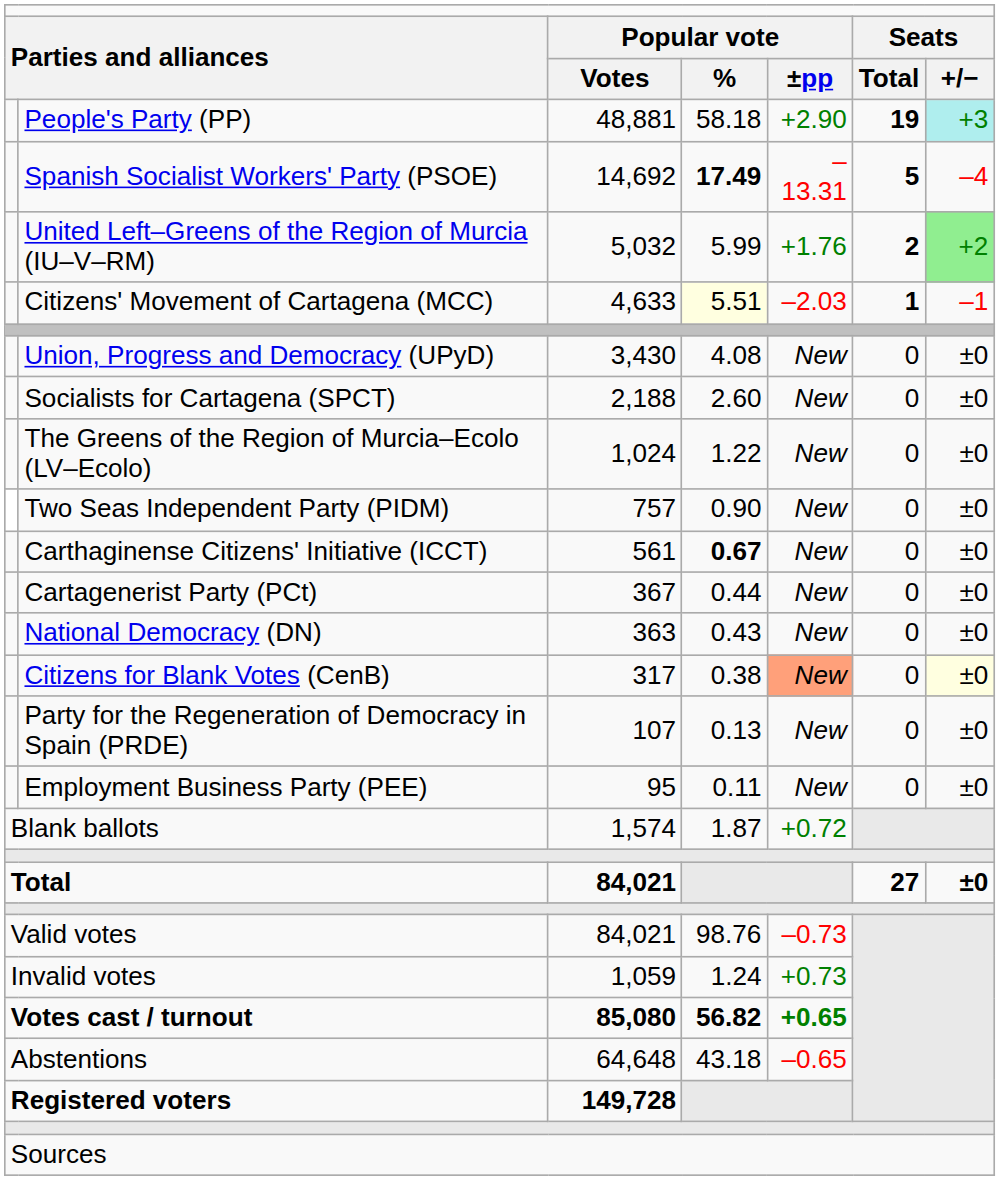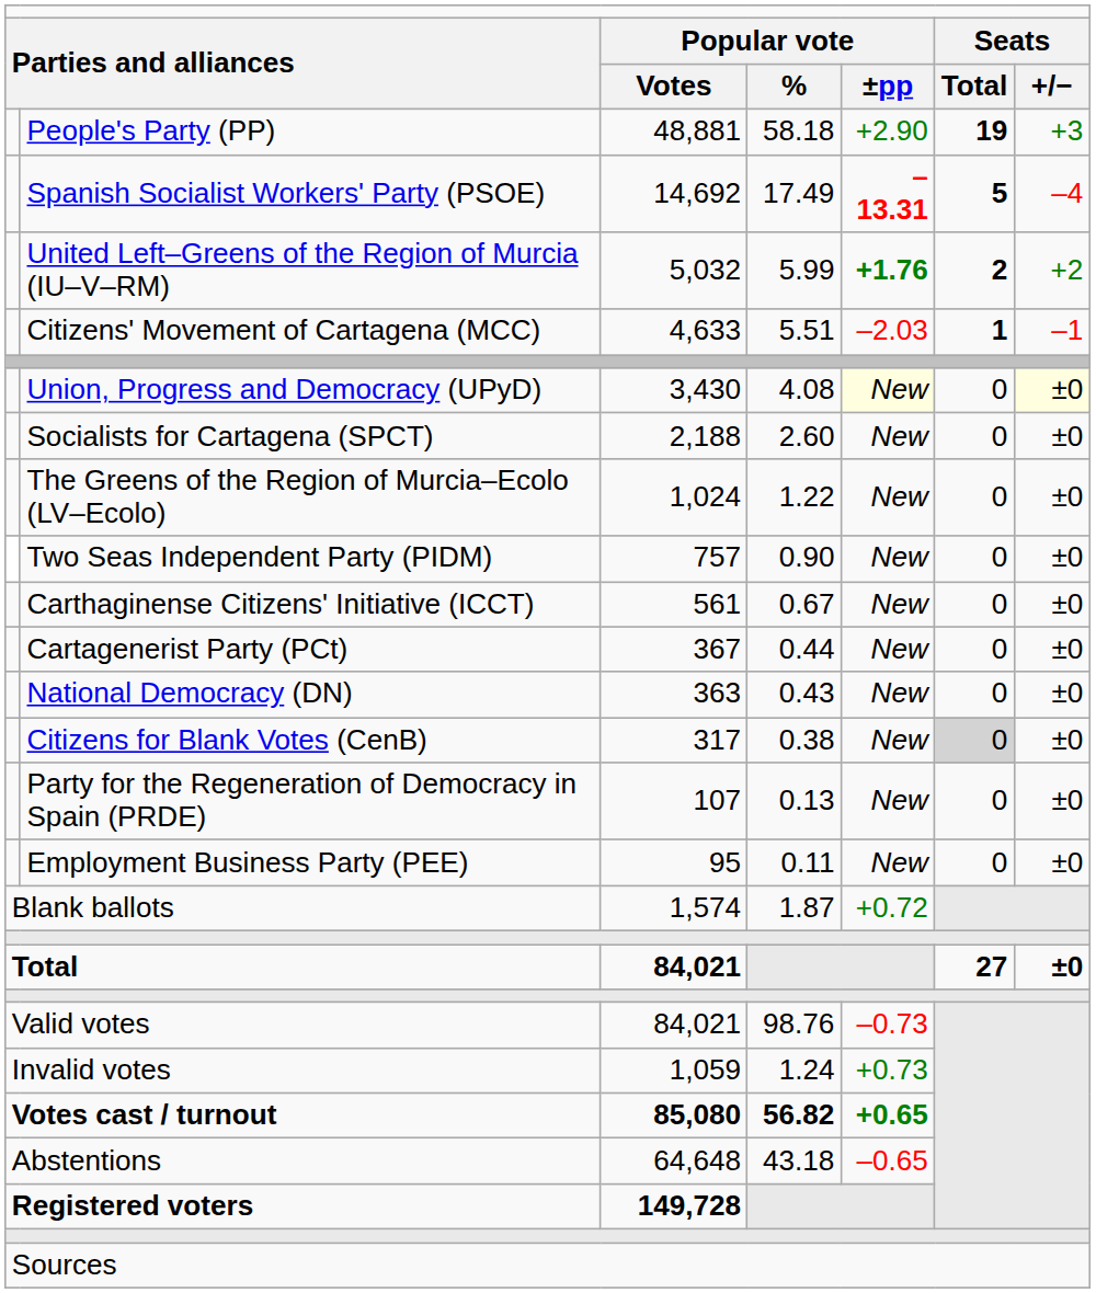 <table class="wikitable" style="text-align:right;">
 <tr>
 <td colspan="7"></td>
 </tr>
 <tr>
 <th style="text-align:left;" rowspan="2" colspan="2" width="525">Parties and alliances</th>
 <th colspan="3">Popular vote</th>
 <th colspan="2">Seats</th>
 </tr>
 <tr>
 <th width="75">Votes</th>
 <th width="45">%</th>
 <th width="45">±<a href='#'>pp</a></th>
 <th width="35">Total</th>
 <th width="35">+/−</th>
 </tr>
 <tr>
 <td width="1" style="color:inherit;background:"></td>
 <td align="left"><a href='#'>People's Party</a> (PP)</td>
 <td>48,881</td>
 <td>58.18</td>
 <td style="color:green;">+2.90</td>
 <td><strong>19</strong></td>
-<td style="background: paleturquoise; color:green;">+3</td>
+<td style="color:green;">+3</td>
 </tr>
 <tr>
 <td style="color:inherit;background:"></td>
 <td align="left"><a href='#'>Spanish Socialist Workers' Party</a> (PSOE)</td>
 <td>14,692</td>
-<td><strong>17.49</strong></td>
-<td style="color:red;">–13.31</td>
+<td>17.49</td>
+<td style="color:red;"><strong>–13.31</strong></td>
 <td><strong>5</strong></td>
 <td style="color:red;">–4</td>
 </tr>
 <tr>
 <td style="color:inherit;background:"></td>
 <td align="left"><a href='#'>United Left–Greens of the Region of Murcia</a> (IU–V–RM)</td>
 <td>5,032</td>
 <td>5.99</td>
-<td style="color:green;">+1.76</td>
+<td style="color:green;"><strong>+1.76</strong></td>
 <td><strong>2</strong></td>
-<td style="background: lightgreen; color:green;">+2</td>
+<td style="color:green;">+2</td>
 </tr>
 <tr>
 <td style="color:inherit;background:"></td>
 <td align="left">Citizens' Movement of Cartagena (MCC)</td>
 <td>4,633</td>
-<td style="background: lightyellow;">5.51</td>
+<td>5.51</td>
 <td style="color:red;">–2.03</td>
 <td><strong>1</strong></td>
 <td style="color:red;">–1</td>
 </tr>
 <tr>
 <td colspan="7" bgcolor="#C0C0C0"></td>
 </tr>
 <tr>
 <td style="color:inherit;background:"></td>
 <td align="left"><a href='#'>Union, Progress and Democracy</a> (UPyD)</td>
 <td>3,430</td>
 <td>4.08</td>
-<td><em>New</em></td>
+<td style="background: lightyellow;"><em>New</em></td>
 <td>0</td>
-<td>±0</td>
+<td style="background: lightyellow;">±0</td>
 </tr>
 <tr>
 <td style="color:inherit;background:"></td>
 <td align="left">Socialists for Cartagena (SPCT)</td>
 <td>2,188</td>
 <td>2.60</td>
 <td><em>New</em></td>
 <td>0</td>
 <td>±0</td>
 </tr>
 <tr>
 <td style="color:inherit;background:"></td>
 <td align="left">The Greens of the Region of Murcia–Ecolo (LV–Ecolo)</td>
 <td>1,024</td>
 <td>1.22</td>
 <td><em>New</em></td>
 <td>0</td>
 <td>±0</td>
 </tr>
 <tr>
 <td bgcolor="white"></td>
 <td align="left">Two Seas Independent Party (PIDM)</td>
 <td>757</td>
 <td>0.90</td>
 <td><em>New</em></td>
 <td>0</td>
 <td>±0</td>
 </tr>
 <tr>
 <td style="color:inherit;background:"></td>
 <td align="left">Carthaginense Citizens' Initiative (ICCT)</td>
 <td>561</td>
-<td><strong>0.67</strong></td>
+<td>0.67</td>
 <td><em>New</em></td>
 <td>0</td>
 <td>±0</td>
 </tr>
 <tr>
 <td style="color:inherit;background:"></td>
 <td align="left">Cartagenerist Party (PCt)</td>
 <td>367</td>
 <td>0.44</td>
 <td><em>New</em></td>
 <td>0</td>
 <td>±0</td>
 </tr>
 <tr>
 <td style="color:inherit;background:"></td>
 <td align="left"><a href='#'>National Democracy</a> (DN)</td>
 <td>363</td>
 <td>0.43</td>
 <td><em>New</em></td>
 <td>0</td>
 <td>±0</td>
 </tr>
 <tr>
 <td style="color:inherit;background:"></td>
 <td align="left"><a href='#'>Citizens for Blank Votes</a> (CenB)</td>
 <td>317</td>
 <td>0.38</td>
-<td style="background: lightsalmon;"><em>New</em></td>
-<td>0</td>
-<td style="background: lightyellow;">±0</td>
+<td><em>New</em></td>
+<td style="background: lightgrey;">0</td>
+<td>±0</td>
 </tr>
 <tr>
 <td style="color:inherit;background:"></td>
 <td align="left">Party for the Regeneration of Democracy in Spain (PRDE)</td>
 <td>107</td>
 <td>0.13</td>
 <td><em>New</em></td>
 <td>0</td>
 <td>±0</td>
 </tr>
 <tr>
 <td style="color:inherit;background:"></td>
 <td align="left">Employment Business Party (PEE)</td>
 <td>95</td>
 <td>0.11</td>
 <td><em>New</em></td>
 <td>0</td>
 <td>±0</td>
 </tr>
 <tr>
 <td align="left" colspan="2">Blank ballots</td>
 <td>1,574</td>
 <td>1.87</td>
 <td style="color:green;">+0.72</td>
 <td bgcolor="#E9E9E9" colspan="2"></td>
 </tr>
 <tr>
 <td colspan="7" bgcolor="#E9E9E9"></td>
 </tr>
 <tr style="font-weight:bold;">
 <td align="left" colspan="2">Total</td>
 <td>84,021</td>
 <td bgcolor="#E9E9E9" colspan="2"></td>
 <td>27</td>
 <td>±0</td>
 </tr>
 <tr>
 <td colspan="7" bgcolor="#E9E9E9"></td>
 </tr>
 <tr>
 <td align="left" colspan="2">Valid votes</td>
 <td>84,021</td>
 <td>98.76</td>
 <td style="color:red;">–0.73</td>
 <td bgcolor="#E9E9E9" colspan="2" rowspan="5"></td>
 </tr>
 <tr>
 <td align="left" colspan="2">Invalid votes</td>
 <td>1,059</td>
 <td>1.24</td>
 <td style="color:green;">+0.73</td>
 </tr>
 <tr style="font-weight:bold;">
 <td align="left" colspan="2">Votes cast / turnout</td>
 <td>85,080</td>
 <td>56.82</td>
 <td style="color:green;">+0.65</td>
 </tr>
 <tr>
 <td align="left" colspan="2">Abstentions</td>
 <td>64,648</td>
 <td>43.18</td>
 <td style="color:red;">–0.65</td>
 </tr>
 <tr style="font-weight:bold;">
 <td align="left" colspan="2">Registered voters</td>
 <td>149,728</td>
 <td bgcolor="#E9E9E9" colspan="2"></td>
 </tr>
 <tr>
 <td colspan="7" bgcolor="#E9E9E9"></td>
 </tr>
 <tr>
 <td align="left" colspan="7">Sources</td>
 </tr>
 </table>
